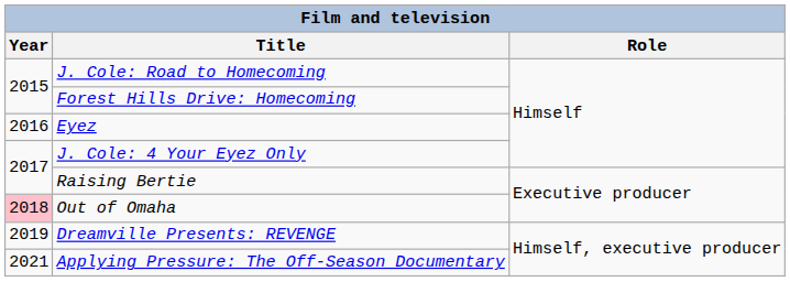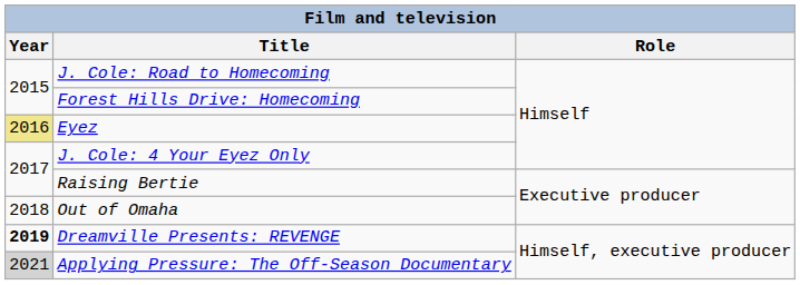 <table class="wikitable">
 <tr style="background:#ccc; text-align:center;">
 <th colspan="4" style="background: LightSteelBlue;">Film and television</th>
 </tr>
 <tr style="background:#ccc; text-align:center;">
 <th>Year</th>
 <th>Title</th>
 <th>Role</th>
 </tr>
 <tr>
 <td rowspan="2">2015</td>
 <td><em><a href='#'>J. Cole: Road to Homecoming</a></em></td>
 <td rowspan="4">Himself</td>
 </tr>
 <tr>
 <td><em><a href='#'>Forest Hills Drive: Homecoming</a></em></td>
 </tr>
 <tr>
-<td>2016</td>
+<td style="background: khaki;">2016</td>
 <td><em><a href='#'>Eyez</a></em></td>
 </tr>
 <tr>
 <td rowspan="2">2017</td>
 <td><em><a href='#'>J. Cole: 4 Your Eyez Only</a></em></td>
 </tr>
 <tr>
 <td><em>Raising Bertie</em></td>
 <td rowspan="2">Executive producer</td>
 </tr>
 <tr>
-<td style="background: pink;">2018</td>
+<td>2018</td>
 <td><em>Out of Omaha</em></td>
 </tr>
 <tr>
-<td>2019</td>
+<td><strong>2019</strong></td>
 <td><em><a href='#'>Dreamville Presents: REVENGE</a></em></td>
 <td rowspan="2">Himself, executive producer</td>
 </tr>
 <tr>
-<td>2021</td>
+<td style="background: lightgrey;">2021</td>
 <td><em><a href='#'>Applying Pressure: The Off-Season Documentary</a></em></td>
 </tr>
 </table>
